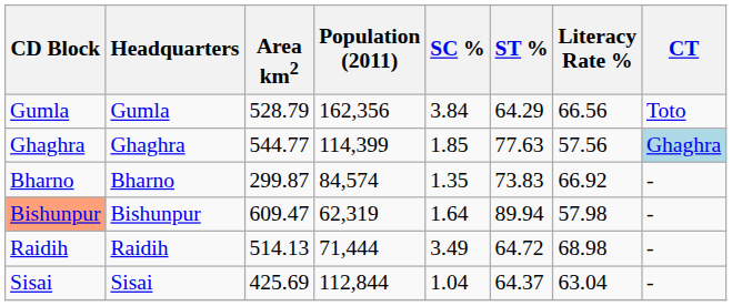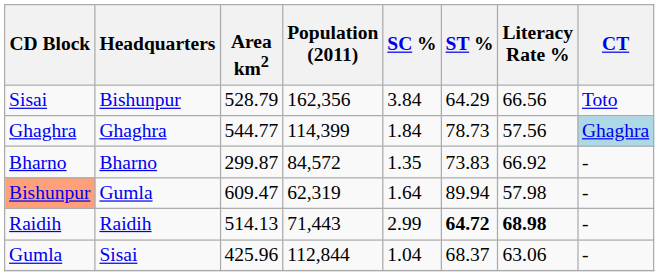 <table class="wikitable sortable">
 <tr>
 <th>CD Block</th>
 <th>Headquarters</th>
 <th><br>Area<br>km<sup>2</sup></th>
 <th>Population<br>(2011)</th>
 <th><a href='#'>SC</a> %</th>
 <th><a href='#'>ST</a> %</th>
 <th>Literacy<br> Rate %</th>
 <th><a href='#'>CT</a></th>
 </tr>
 <tr>
-<td><a href='#'>Gumla</a></td>
-<td><a href='#'>Gumla</a></td>
+<td><a href='#'>Sisai</a></td>
+<td><a href='#'>Bishunpur</a></td>
 <td>528.79</td>
 <td>162,356</td>
 <td>3.84</td>
 <td>64.29</td>
 <td>66.56</td>
 <td><a href='#'>Toto</a></td>
 </tr>
 <tr>
 <td><a href='#'>Ghaghra</a></td>
 <td><a href='#'>Ghaghra</a></td>
 <td>544.77</td>
 <td>114,399</td>
-<td>1.85</td>
-<td>77.63</td>
+<td>1.84</td>
+<td>78.73</td>
 <td>57.56</td>
 <td style="background: lightblue;"><a href='#'>Ghaghra</a></td>
 </tr>
 <tr>
 <td><a href='#'>Bharno</a></td>
 <td><a href='#'>Bharno</a></td>
 <td>299.87</td>
-<td>84,574</td>
+<td>84,572</td>
 <td>1.35</td>
 <td>73.83</td>
 <td>66.92</td>
 <td>-</td>
 </tr>
 <tr>
 <td style="background: lightsalmon;"><a href='#'>Bishunpur</a></td>
-<td><a href='#'>Bishunpur</a></td>
+<td><a href='#'>Gumla</a></td>
 <td>609.47</td>
 <td>62,319</td>
 <td>1.64</td>
 <td>89.94</td>
 <td>57.98</td>
 <td>-</td>
 </tr>
 <tr>
 <td><a href='#'>Raidih</a></td>
 <td><a href='#'>Raidih</a></td>
 <td>514.13</td>
-<td>71,444</td>
-<td>3.49</td>
-<td>64.72</td>
-<td>68.98</td>
+<td>71,443</td>
+<td>2.99</td>
+<td><strong>64.72</strong></td>
+<td><strong>68.98</strong></td>
 <td>-</td>
 </tr>
 <tr>
+<td><a href='#'>Gumla</a></td>
 <td><a href='#'>Sisai</a></td>
-<td><a href='#'>Sisai</a></td>
-<td>425.69</td>
+<td>425.96</td>
 <td>112,844</td>
 <td>1.04</td>
-<td>64.37</td>
-<td>63.04</td>
+<td>68.37</td>
+<td>63.06</td>
 <td>-</td>
 </tr>
 <tr>
 </tr>
 </table>
